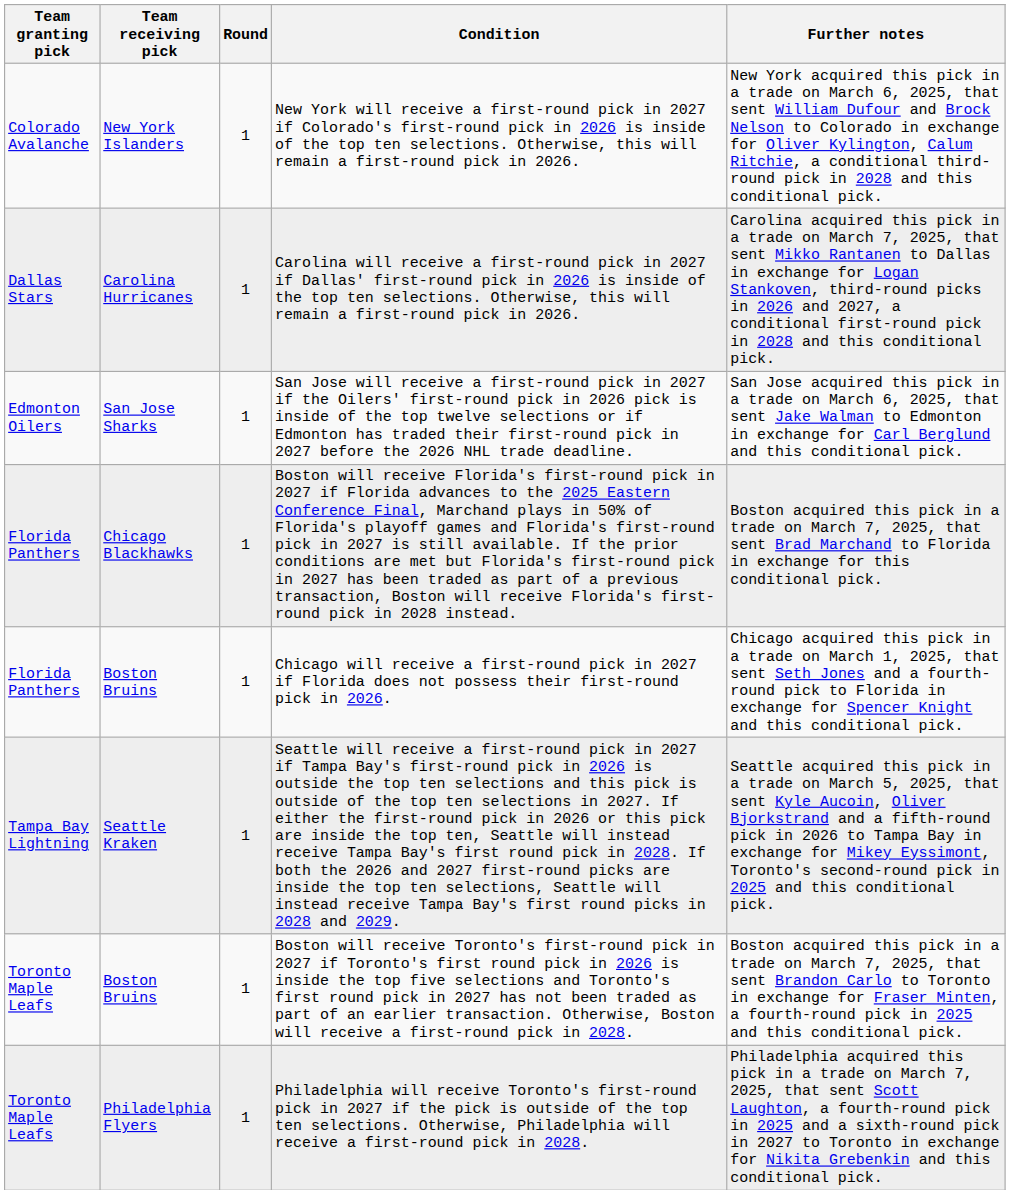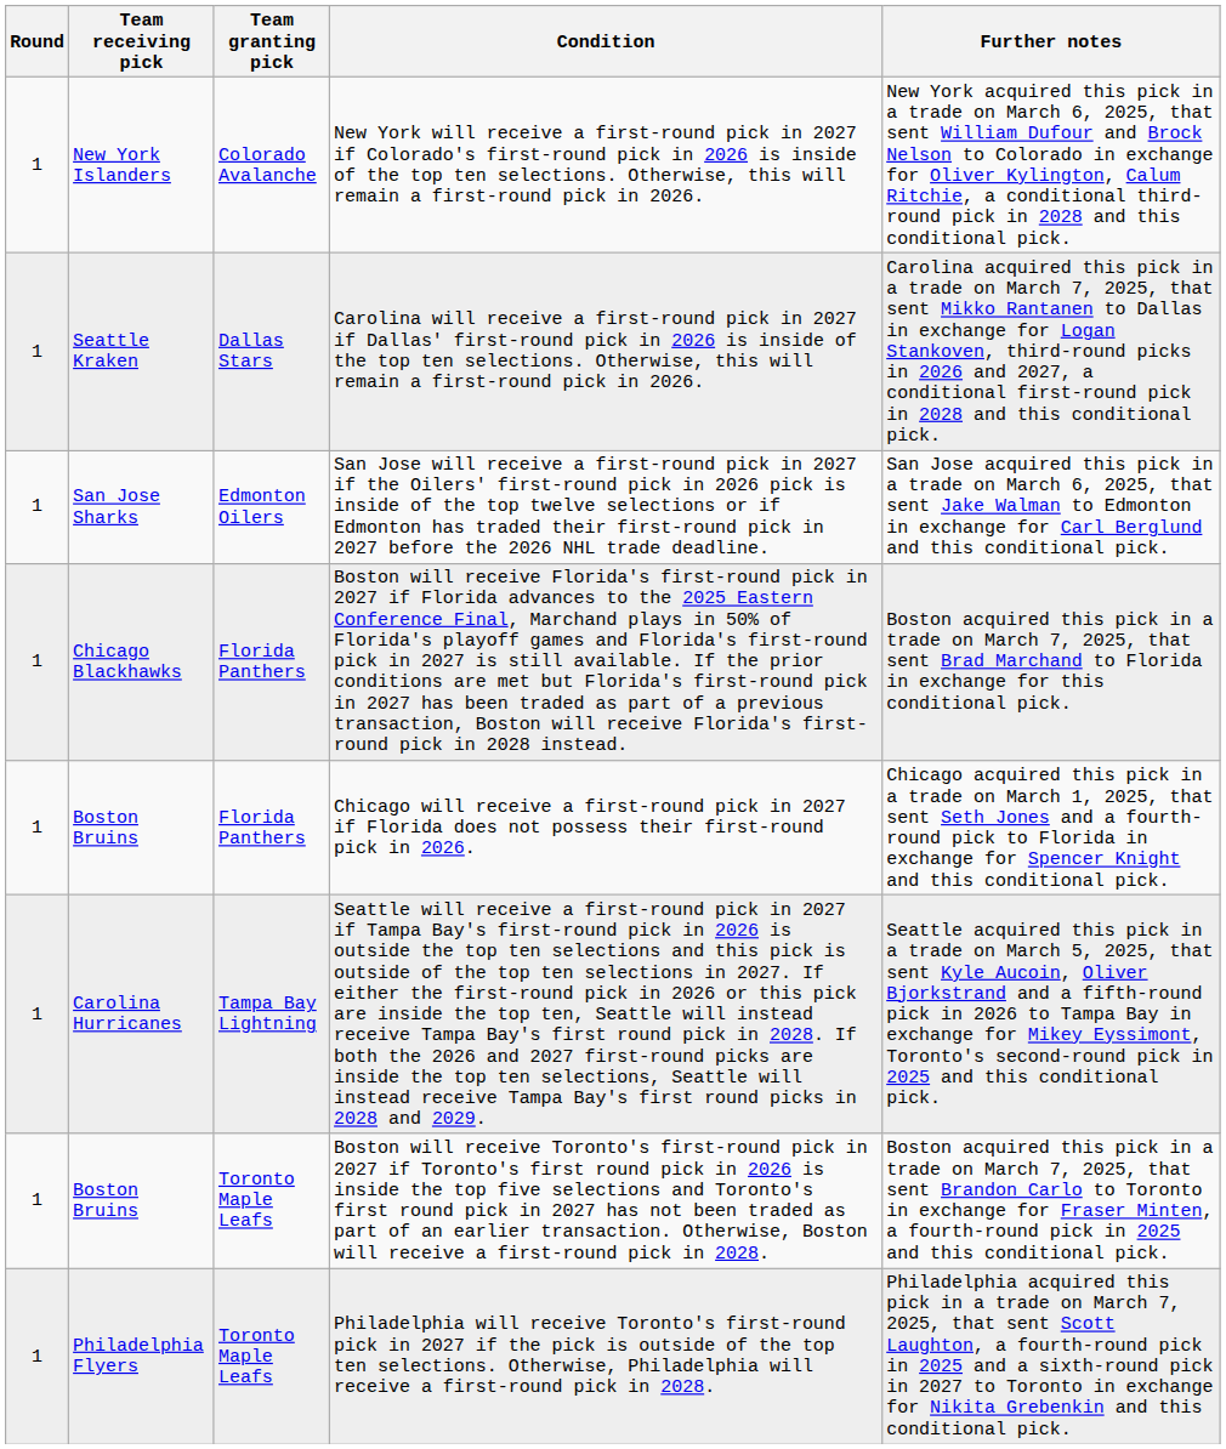 <table class="wikitable sortable">
 <tr>
+<th>Round</th>
+<th>Team receiving pick</th>
 <th>Team granting pick</th>
-<th>Team receiving pick</th>
-<th>Round</th>
 <th>Condition</th>
 <th>Further notes</th>
 </tr>
 <tr>
+<td align="center">1</td>
+<td><a href='#'>New York Islanders</a></td>
 <td><a href='#'>Colorado Avalanche</a></td>
-<td><a href='#'>New York Islanders</a></td>
-<td align="center">1</td>
 <td>New York will receive a first-round pick in 2027 if Colorado's first-round pick in <a href='#'>2026</a> is inside of the top ten selections. Otherwise, this will remain a first-round pick in 2026.</td>
 <td>New York acquired this pick in a trade on March 6, 2025, that sent <a href='#'>William Dufour</a> and <a href='#'>Brock Nelson</a> to Colorado in exchange for <a href='#'>Oliver Kylington</a>, <a href='#'>Calum Ritchie</a>, a conditional third-round pick in <a href='#'>2028</a> and this conditional pick.</td>
 </tr>
 <tr bgcolor="eeeeee">
+<td align="center">1</td>
+<td><a href='#'>Seattle Kraken</a></td>
 <td><a href='#'>Dallas Stars</a></td>
-<td><a href='#'>Carolina Hurricanes</a></td>
-<td align="center">1</td>
 <td>Carolina will receive a first-round pick in 2027 if Dallas' first-round pick in <a href='#'>2026</a> is inside of the top ten selections. Otherwise, this will remain a first-round pick in 2026.</td>
 <td>Carolina acquired this pick in a trade on March 7, 2025, that sent <a href='#'>Mikko Rantanen</a> to Dallas in exchange for <a href='#'>Logan Stankoven</a>, third-round picks in <a href='#'>2026</a> and 2027, a conditional first-round pick in <a href='#'>2028</a> and this conditional pick.</td>
 </tr>
 <tr>
+<td align="center">1</td>
+<td><a href='#'>San Jose Sharks</a></td>
 <td><a href='#'>Edmonton Oilers</a></td>
-<td><a href='#'>San Jose Sharks</a></td>
-<td align="center">1</td>
 <td>San Jose will receive a first-round pick in 2027 if the Oilers' first-round pick in 2026 pick is inside of the top twelve selections or if Edmonton has traded their first-round pick in 2027 before the 2026 NHL trade deadline.</td>
 <td>San Jose acquired this pick in a trade on March 6, 2025, that sent <a href='#'>Jake Walman</a> to Edmonton in exchange for <a href='#'>Carl Berglund</a> and this conditional pick.</td>
 </tr>
 <tr bgcolor="eeeeee">
+<td align="center">1</td>
+<td><a href='#'>Chicago Blackhawks</a></td>
 <td><a href='#'>Florida Panthers</a></td>
-<td><a href='#'>Chicago Blackhawks</a></td>
-<td align="center">1</td>
 <td>Boston will receive Florida's first-round pick in 2027 if Florida advances to the <a href='#'>2025 Eastern Conference Final</a>, Marchand plays in 50% of Florida's playoff games and Florida's first-round pick in 2027 is still available. If the prior conditions are met but Florida's first-round pick in 2027 has been traded as part of a previous transaction, Boston will receive Florida's first-round pick in 2028 instead.</td>
 <td>Boston acquired this pick in a trade on March 7, 2025, that sent <a href='#'>Brad Marchand</a> to Florida in exchange for this conditional pick.</td>
 </tr>
 <tr>
+<td align="center">1</td>
+<td><a href='#'>Boston Bruins</a></td>
 <td><a href='#'>Florida Panthers</a></td>
-<td><a href='#'>Boston Bruins</a></td>
-<td align="center">1</td>
 <td>Chicago will receive a first-round pick in 2027 if Florida does not possess their first-round pick in <a href='#'>2026</a>.</td>
 <td>Chicago acquired this pick in a trade on March 1, 2025, that sent <a href='#'>Seth Jones</a> and a fourth-round pick to Florida in exchange for <a href='#'>Spencer Knight</a> and this conditional pick.</td>
 </tr>
 <tr bgcolor="eeeeee">
+<td align="center">1</td>
+<td><a href='#'>Carolina Hurricanes</a></td>
 <td><a href='#'>Tampa Bay Lightning</a></td>
-<td><a href='#'>Seattle Kraken</a></td>
-<td align="center">1</td>
 <td>Seattle will receive a first-round pick in 2027 if Tampa Bay's first-round pick in <a href='#'>2026</a> is outside the top ten selections and this pick is outside of the top ten selections in 2027. If either the first-round pick in 2026 or this pick are inside the top ten, Seattle will instead receive Tampa Bay's first round pick in <a href='#'>2028</a>. If both the 2026 and 2027 first-round picks are inside the top ten selections, Seattle will instead receive Tampa Bay's first round picks in <a href='#'>2028</a> and <a href='#'>2029</a>.</td>
 <td>Seattle acquired this pick in a trade on March 5, 2025, that sent <a href='#'>Kyle Aucoin</a>, <a href='#'>Oliver Bjorkstrand</a> and a fifth-round pick in 2026 to Tampa Bay in exchange for <a href='#'>Mikey Eyssimont</a>, Toronto's second-round pick in <a href='#'>2025</a> and this conditional pick.</td>
 </tr>
 <tr>
+<td align="center">1</td>
+<td><a href='#'>Boston Bruins</a></td>
 <td><a href='#'>Toronto Maple Leafs</a></td>
-<td><a href='#'>Boston Bruins</a></td>
-<td align="center">1</td>
 <td>Boston will receive Toronto's first-round pick in 2027 if Toronto's first round pick in <a href='#'>2026</a> is inside the top five selections and Toronto's first round pick in 2027 has not been traded as part of an earlier transaction. Otherwise, Boston will receive a first-round pick in <a href='#'>2028</a>.</td>
 <td>Boston acquired this pick in a trade on March 7, 2025, that sent <a href='#'>Brandon Carlo</a> to Toronto in exchange for <a href='#'>Fraser Minten</a>, a fourth-round pick in <a href='#'>2025</a> and this conditional pick.</td>
 </tr>
 <tr bgcolor="eeeeee">
+<td align="center">1</td>
+<td><a href='#'>Philadelphia Flyers</a></td>
 <td><a href='#'>Toronto Maple Leafs</a></td>
-<td><a href='#'>Philadelphia Flyers</a></td>
-<td align="center">1</td>
 <td>Philadelphia will receive Toronto's first-round pick in 2027 if the pick is outside of the top ten selections. Otherwise, Philadelphia will receive a first-round pick in <a href='#'>2028</a>.</td>
 <td>Philadelphia acquired this pick in a trade on March 7, 2025, that sent <a href='#'>Scott Laughton</a>, a fourth-round pick in <a href='#'>2025</a> and a sixth-round pick in 2027 to Toronto in exchange for <a href='#'>Nikita Grebenkin</a> and this conditional pick.</td>
 </tr>
 </table>
